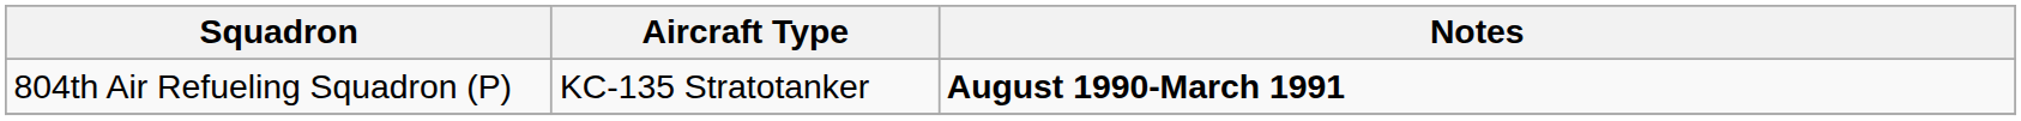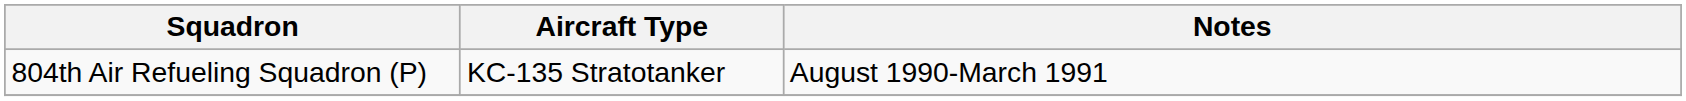 <table class="wikitable">
 <tr>
 <th scope="col" width="250">Squadron</th>
 <th scope="col" width="175">Aircraft Type</th>
 <th scope="col" width="500">Notes</th>
 </tr>
 <tr valign="top">
 <td>804th Air Refueling Squadron (P)</td>
 <td>KC-135 Stratotanker</td>
-<td><strong>August 1990-March 1991</strong></td>
+<td>August 1990-March 1991</td>
 </tr>
 <tr>
 </tr>
 <tr>
 </tr>
 </table>
